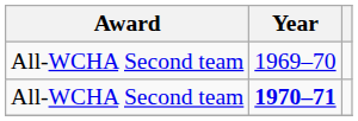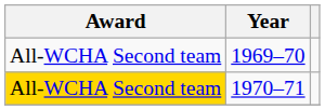 <table class="wikitable">
 <tr>
 <th>Award</th>
 <th>Year</th>
 <th></th>
 </tr>
 <tr>
 <td>All-<a href='#'>WCHA</a> <a href='#'>Second team</a></td>
 <td><a href='#'>1969–70</a></td>
 <td></td>
 </tr>
 <tr>
-<td>All-<a href='#'>WCHA</a> <a href='#'>Second team</a></td>
-<td><strong><a href='#'>1970–71</a></strong></td>
+<td style="background: gold;">All-<a href='#'>WCHA</a> <a href='#'>Second team</a></td>
+<td><a href='#'>1970–71</a></td>
 <td></td>
 </tr>
 <tr>
 </tr>
 </table>
